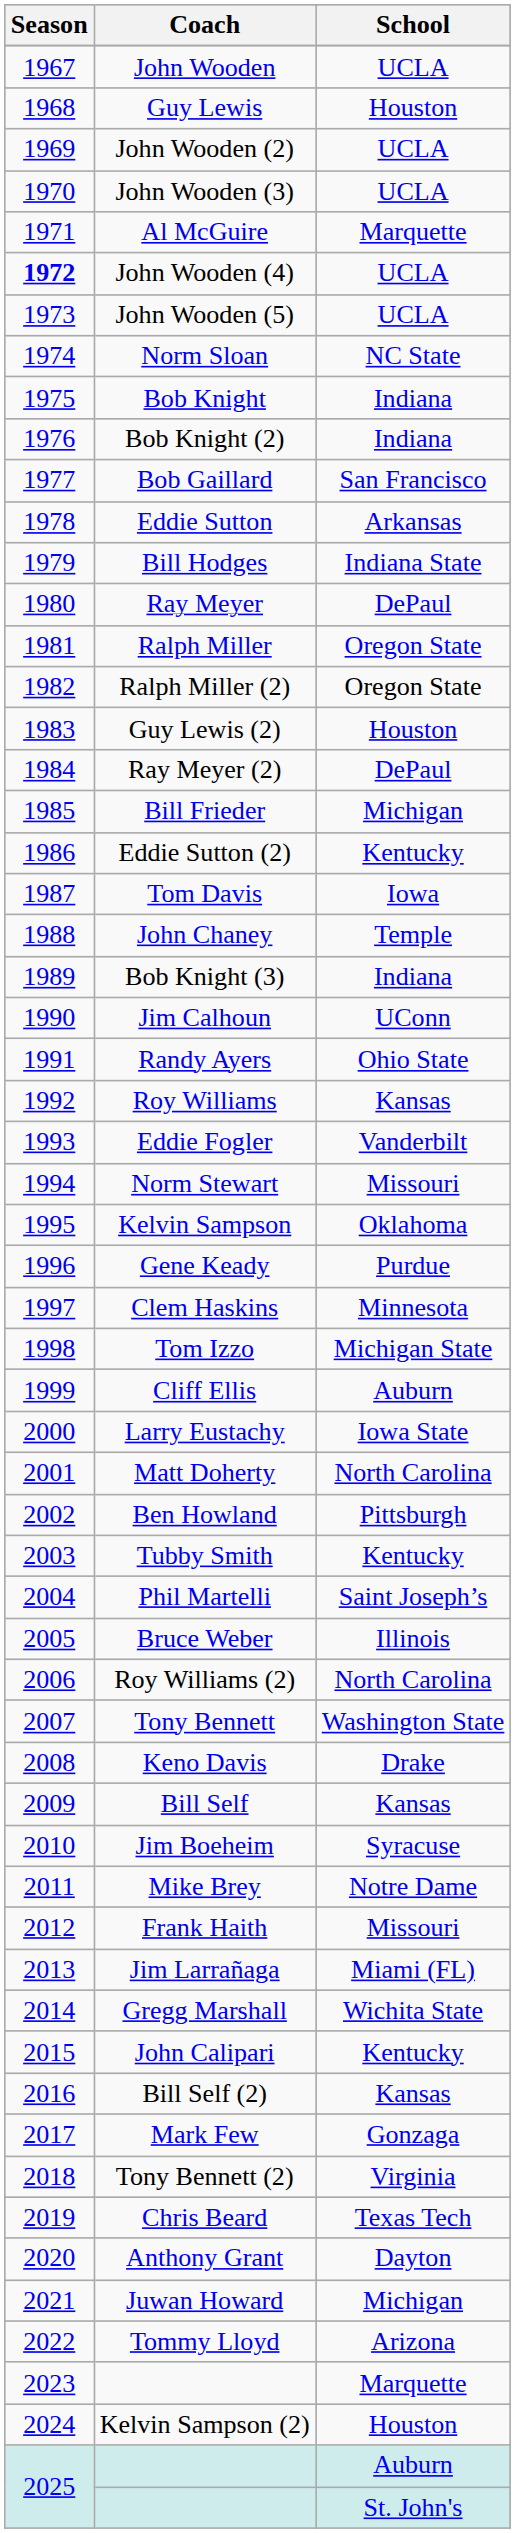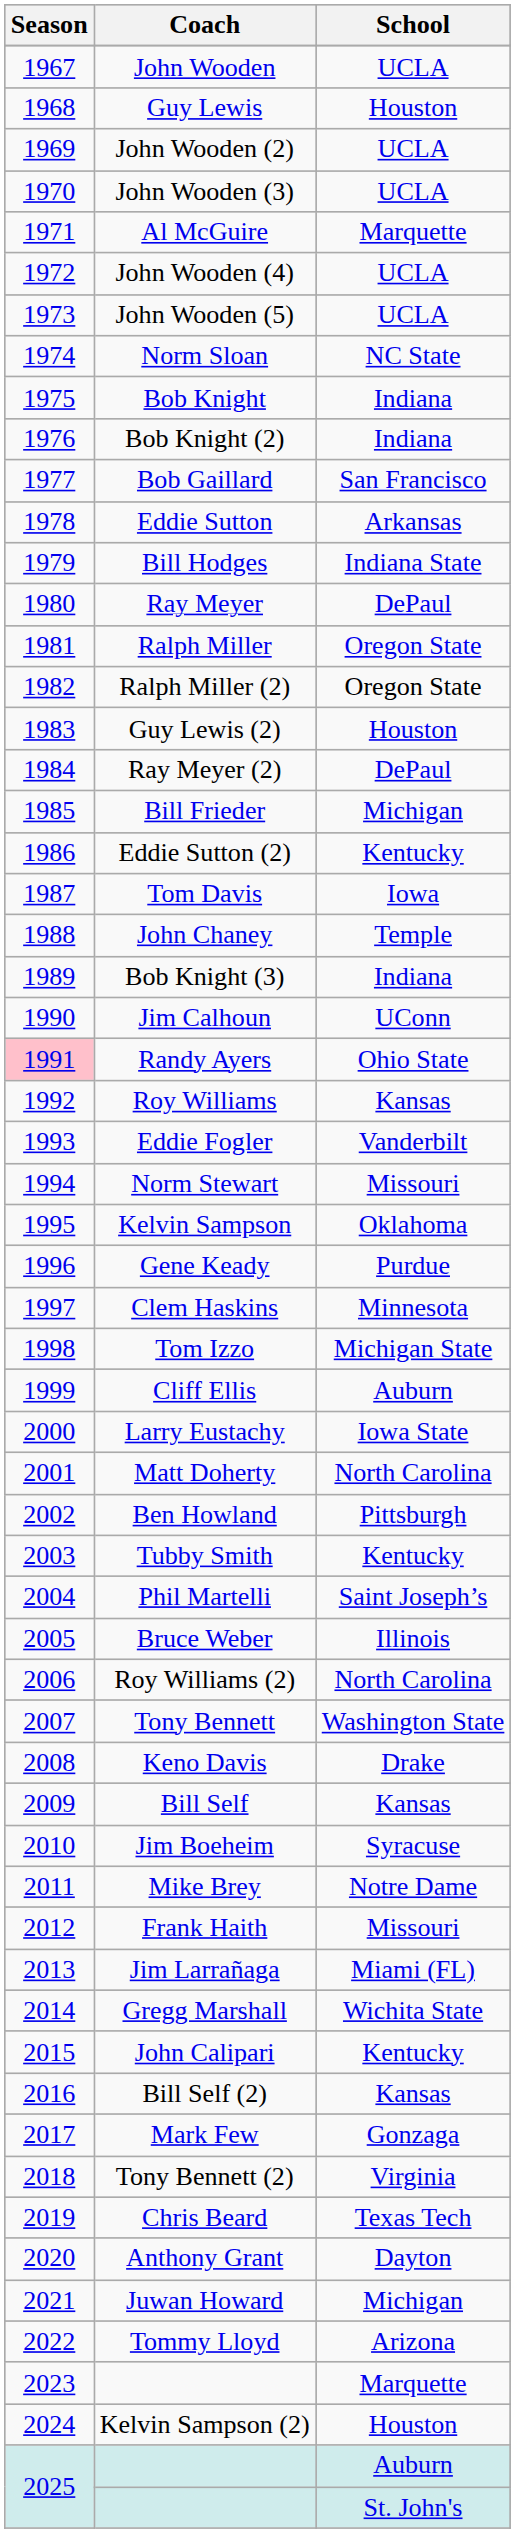 <table class="wikitable sortable" style="text-align:center;">
 <tr>
 <th>Season</th>
 <th>Coach</th>
 <th>School</th>
 </tr>
 <tr>
 </tr>
 <tr>
 <td><a href='#'>1967</a></td>
 <td><a href='#'>John Wooden</a></td>
 <td><a href='#'>UCLA</a></td>
 </tr>
 <tr>
 <td><a href='#'>1968</a></td>
 <td><a href='#'>Guy Lewis</a></td>
 <td><a href='#'>Houston</a></td>
 </tr>
 <tr>
 <td><a href='#'>1969</a></td>
 <td>John Wooden (2)</td>
 <td><a href='#'>UCLA</a></td>
 </tr>
 <tr>
 <td><a href='#'>1970</a></td>
 <td>John Wooden (3)</td>
 <td><a href='#'>UCLA</a></td>
 </tr>
 <tr>
 <td><a href='#'>1971</a></td>
 <td><a href='#'>Al McGuire</a></td>
 <td><a href='#'>Marquette</a></td>
 </tr>
 <tr>
-<td><strong><a href='#'>1972</a></strong></td>
+<td><a href='#'>1972</a></td>
 <td>John Wooden (4)</td>
 <td><a href='#'>UCLA</a></td>
 </tr>
 <tr>
 <td><a href='#'>1973</a></td>
 <td>John Wooden (5)</td>
 <td><a href='#'>UCLA</a></td>
 </tr>
 <tr>
 <td><a href='#'>1974</a></td>
 <td><a href='#'>Norm Sloan</a></td>
 <td><a href='#'>NC State</a></td>
 </tr>
 <tr>
 <td><a href='#'>1975</a></td>
 <td><a href='#'>Bob Knight</a></td>
 <td><a href='#'>Indiana</a></td>
 </tr>
 <tr>
 <td><a href='#'>1976</a></td>
 <td>Bob Knight (2)</td>
 <td><a href='#'>Indiana</a></td>
 </tr>
 <tr>
 <td><a href='#'>1977</a></td>
 <td><a href='#'>Bob Gaillard</a></td>
 <td><a href='#'>San Francisco</a></td>
 </tr>
 <tr>
 <td><a href='#'>1978</a></td>
 <td><a href='#'>Eddie Sutton</a></td>
 <td><a href='#'>Arkansas</a></td>
 </tr>
 <tr>
 <td><a href='#'>1979</a></td>
 <td><a href='#'>Bill Hodges</a></td>
 <td><a href='#'>Indiana State</a></td>
 </tr>
 <tr>
 <td><a href='#'>1980</a></td>
 <td><a href='#'>Ray Meyer</a></td>
 <td><a href='#'>DePaul</a></td>
 </tr>
 <tr>
 <td><a href='#'>1981</a></td>
 <td><a href='#'>Ralph Miller</a></td>
 <td><a href='#'>Oregon State</a></td>
 </tr>
 <tr>
 <td><a href='#'>1982</a></td>
 <td>Ralph Miller (2)</td>
 <td>Oregon State</td>
 </tr>
 <tr>
 <td><a href='#'>1983</a></td>
 <td>Guy Lewis (2)</td>
 <td><a href='#'>Houston</a></td>
 </tr>
 <tr>
 <td><a href='#'>1984</a></td>
 <td>Ray Meyer (2)</td>
 <td><a href='#'>DePaul</a></td>
 </tr>
 <tr>
 <td><a href='#'>1985</a></td>
 <td><a href='#'>Bill Frieder</a></td>
 <td><a href='#'>Michigan</a></td>
 </tr>
 <tr>
 <td><a href='#'>1986</a></td>
 <td>Eddie Sutton (2)</td>
 <td><a href='#'>Kentucky</a></td>
 </tr>
 <tr>
 <td><a href='#'>1987</a></td>
 <td><a href='#'>Tom Davis</a></td>
 <td><a href='#'>Iowa</a></td>
 </tr>
 <tr>
 <td><a href='#'>1988</a></td>
 <td><a href='#'>John Chaney</a></td>
 <td><a href='#'>Temple</a></td>
 </tr>
 <tr>
 <td><a href='#'>1989</a></td>
 <td>Bob Knight (3)</td>
 <td><a href='#'>Indiana</a></td>
 </tr>
 <tr>
 <td><a href='#'>1990</a></td>
 <td><a href='#'>Jim Calhoun</a></td>
 <td><a href='#'>UConn</a></td>
 </tr>
 <tr>
-<td><a href='#'>1991</a></td>
+<td style="background: pink;"><a href='#'>1991</a></td>
 <td><a href='#'>Randy Ayers</a></td>
 <td><a href='#'>Ohio State</a></td>
 </tr>
 <tr>
 <td><a href='#'>1992</a></td>
 <td><a href='#'>Roy Williams</a></td>
 <td><a href='#'>Kansas</a></td>
 </tr>
 <tr>
 <td><a href='#'>1993</a></td>
 <td><a href='#'>Eddie Fogler</a></td>
 <td><a href='#'>Vanderbilt</a></td>
 </tr>
 <tr>
 <td><a href='#'>1994</a></td>
 <td><a href='#'>Norm Stewart</a></td>
 <td><a href='#'>Missouri</a></td>
 </tr>
 <tr>
 <td><a href='#'>1995</a></td>
 <td><a href='#'>Kelvin Sampson</a></td>
 <td><a href='#'>Oklahoma</a></td>
 </tr>
 <tr>
 <td><a href='#'>1996</a></td>
 <td><a href='#'>Gene Keady</a></td>
 <td><a href='#'>Purdue</a></td>
 </tr>
 <tr>
 <td><a href='#'>1997</a></td>
 <td><a href='#'>Clem Haskins</a></td>
 <td><a href='#'>Minnesota</a></td>
 </tr>
 <tr>
 <td><a href='#'>1998</a></td>
 <td><a href='#'>Tom Izzo</a></td>
 <td><a href='#'>Michigan State</a></td>
 </tr>
 <tr>
 <td><a href='#'>1999</a></td>
 <td><a href='#'>Cliff Ellis</a></td>
 <td><a href='#'>Auburn</a></td>
 </tr>
 <tr>
 <td><a href='#'>2000</a></td>
 <td><a href='#'>Larry Eustachy</a></td>
 <td><a href='#'>Iowa State</a></td>
 </tr>
 <tr>
 <td><a href='#'>2001</a></td>
 <td><a href='#'>Matt Doherty</a></td>
 <td><a href='#'>North Carolina</a></td>
 </tr>
 <tr>
 <td><a href='#'>2002</a></td>
 <td><a href='#'>Ben Howland</a></td>
 <td><a href='#'>Pittsburgh</a></td>
 </tr>
 <tr>
 <td><a href='#'>2003</a></td>
 <td><a href='#'>Tubby Smith</a></td>
 <td><a href='#'>Kentucky</a></td>
 </tr>
 <tr>
 <td><a href='#'>2004</a></td>
 <td><a href='#'>Phil Martelli</a></td>
 <td><a href='#'>Saint Joseph’s</a></td>
 </tr>
 <tr>
 <td><a href='#'>2005</a></td>
 <td><a href='#'>Bruce Weber</a></td>
 <td><a href='#'>Illinois</a></td>
 </tr>
 <tr>
 <td><a href='#'>2006</a></td>
 <td>Roy Williams (2)</td>
 <td><a href='#'>North Carolina</a></td>
 </tr>
 <tr>
 <td><a href='#'>2007</a></td>
 <td><a href='#'>Tony Bennett</a></td>
 <td><a href='#'>Washington State</a></td>
 </tr>
 <tr>
 <td><a href='#'>2008</a></td>
 <td><a href='#'>Keno Davis</a></td>
 <td><a href='#'>Drake</a></td>
 </tr>
 <tr>
 <td><a href='#'>2009</a></td>
 <td><a href='#'>Bill Self</a></td>
 <td><a href='#'>Kansas</a></td>
 </tr>
 <tr>
 <td><a href='#'>2010</a></td>
 <td><a href='#'>Jim Boeheim</a></td>
 <td><a href='#'>Syracuse</a></td>
 </tr>
 <tr>
 <td><a href='#'>2011</a></td>
 <td><a href='#'>Mike Brey</a></td>
 <td><a href='#'>Notre Dame</a></td>
 </tr>
 <tr>
 <td><a href='#'>2012</a></td>
 <td><a href='#'>Frank Haith</a></td>
 <td><a href='#'>Missouri</a></td>
 </tr>
 <tr>
 <td><a href='#'>2013</a></td>
 <td><a href='#'>Jim Larrañaga</a></td>
 <td><a href='#'>Miami (FL)</a></td>
 </tr>
 <tr>
 <td><a href='#'>2014</a></td>
 <td><a href='#'>Gregg Marshall</a></td>
 <td><a href='#'>Wichita State</a></td>
 </tr>
 <tr>
 <td><a href='#'>2015</a></td>
 <td><a href='#'>John Calipari</a></td>
 <td><a href='#'>Kentucky</a></td>
 </tr>
 <tr>
 <td><a href='#'>2016</a></td>
 <td>Bill Self (2)</td>
 <td><a href='#'>Kansas</a></td>
 </tr>
 <tr>
 <td><a href='#'>2017</a></td>
 <td><a href='#'>Mark Few</a></td>
 <td><a href='#'>Gonzaga</a></td>
 </tr>
 <tr>
 <td><a href='#'>2018</a></td>
 <td>Tony Bennett (2)</td>
 <td><a href='#'>Virginia</a></td>
 </tr>
 <tr>
 <td><a href='#'>2019</a></td>
 <td><a href='#'>Chris Beard</a></td>
 <td><a href='#'>Texas Tech</a></td>
 </tr>
 <tr>
 <td><a href='#'>2020</a></td>
 <td><a href='#'>Anthony Grant</a></td>
 <td><a href='#'>Dayton</a></td>
 </tr>
 <tr>
 <td><a href='#'>2021</a></td>
 <td><a href='#'>Juwan Howard</a></td>
 <td><a href='#'>Michigan</a></td>
 </tr>
 <tr>
 <td><a href='#'>2022</a></td>
 <td><a href='#'>Tommy Lloyd</a></td>
 <td><a href='#'>Arizona</a></td>
 </tr>
 <tr>
 <td><a href='#'>2023</a></td>
 <td></td>
 <td><a href='#'>Marquette</a></td>
 </tr>
 <tr>
 <td><a href='#'>2024</a></td>
 <td>Kelvin Sampson (2)</td>
 <td><a href='#'>Houston</a></td>
 </tr>
 <tr>
 <td rowspan="2" style="background-color:#CFECEC;"><a href='#'>2025</a></td>
 <td style="background-color:#CFECEC;"></td>
 <td style="background-color:#CFECEC;"><a href='#'>Auburn</a></td>
 </tr>
 <tr>
 <td style="background-color:#CFECEC;"></td>
 <td style="background-color:#CFECEC;"><a href='#'>St. John's</a></td>
 </tr>
 </table>
